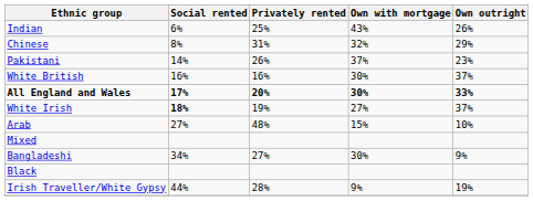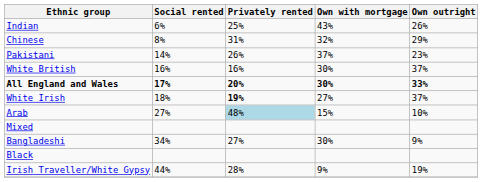 <table class="wikitable sortable">
 <tr>
 <th>Ethnic group</th>
 <th>Social rented</th>
 <th>Privately rented</th>
 <th>Own with mortgage</th>
 <th>Own outright</th>
 </tr>
 <tr>
 <td><a href='#'>Indian</a></td>
 <td>6%</td>
 <td>25%</td>
 <td>43%</td>
 <td>26%</td>
 </tr>
 <tr>
 <td><a href='#'>Chinese</a></td>
 <td>8%</td>
 <td>31%</td>
 <td>32%</td>
 <td>29%</td>
 </tr>
 <tr>
 <td><a href='#'>Pakistani</a></td>
 <td>14%</td>
 <td>26%</td>
 <td>37%</td>
 <td>23%</td>
 </tr>
 <tr>
 <td><a href='#'>White British</a></td>
 <td>16%</td>
 <td>16%</td>
 <td>30%</td>
 <td>37%</td>
 </tr>
 <tr>
 <td><strong>All England and Wales</strong></td>
 <td><strong>17%</strong></td>
 <td><strong>20%</strong></td>
 <td><strong>30%</strong></td>
 <td><strong>33%</strong></td>
 </tr>
 <tr>
 <td><a href='#'>White Irish</a></td>
-<td><strong>18%</strong></td>
-<td>19%</td>
+<td>18%</td>
+<td><strong>19%</strong></td>
 <td>27%</td>
 <td>37%</td>
 </tr>
 <tr>
 <td><a href='#'>Arab</a></td>
 <td>27%</td>
-<td>48%</td>
+<td style="background: lightblue;">48%</td>
 <td>15%</td>
 <td>10%</td>
 </tr>
 <tr>
 <td><a href='#'>Mixed</a></td>
 <td data-sort-value="27"></td>
 <td data-sort-value="33"></td>
 <td data-sort-value="28"></td>
 <td data-sort-value="12"></td>
 </tr>
 <tr>
 <td><a href='#'>Bangladeshi</a></td>
 <td>34%</td>
 <td>27%</td>
 <td>30%</td>
 <td>9%</td>
 </tr>
 <tr>
 <td><a href='#'>Black</a></td>
 <td data-sort-value="43"></td>
 <td data-sort-value="27"></td>
 <td data-sort-value="21"></td>
 <td data-sort-value="9"></td>
 </tr>
 <tr>
 <td><a href='#'>Irish Traveller/White Gypsy</a></td>
 <td>44%</td>
 <td>28%</td>
 <td>9%</td>
 <td>19%</td>
 </tr>
 <tr>
 </tr>
 </table>
